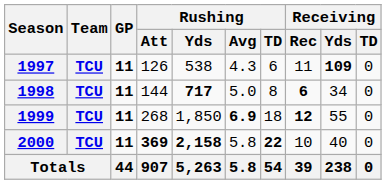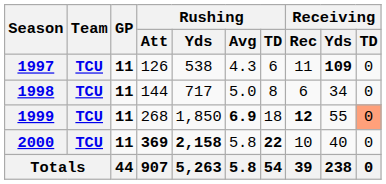 <table class="wikitable" style="text-align:center;">
 <tr>
 <th rowspan="2">Season</th>
 <th rowspan="2">Team</th>
 <th rowspan="2">GP</th>
 <th colspan="4">Rushing</th>
 <th colspan="3">Receiving</th>
 </tr>
 <tr>
 <th>Att</th>
 <th>Yds</th>
 <th>Avg</th>
 <th>TD</th>
 <th>Rec</th>
 <th>Yds</th>
 <th>TD</th>
 </tr>
 <tr>
 <th><a href='#'>1997</a></th>
 <th><a href='#'>TCU</a></th>
 <td><strong>11</strong></td>
 <td>126</td>
 <td>538</td>
 <td>4.3</td>
 <td>6</td>
 <td>11</td>
 <td><strong>109</strong></td>
 <td>0</td>
 </tr>
 <tr>
 <th><a href='#'>1998</a></th>
 <th><a href='#'>TCU</a></th>
 <td><strong>11</strong></td>
 <td>144</td>
-<td><strong>717</strong></td>
+<td>717</td>
 <td>5.0</td>
 <td>8</td>
-<td><strong>6</strong></td>
+<td>6</td>
 <td>34</td>
 <td>0</td>
 </tr>
 <tr>
 <th><a href='#'>1999</a></th>
 <th><a href='#'>TCU</a></th>
 <td><strong>11</strong></td>
 <td>268</td>
 <td>1,850</td>
 <td><strong>6.9</strong></td>
 <td>18</td>
 <td><strong>12</strong></td>
 <td>55</td>
-<td>0</td>
+<td style="background: lightsalmon;">0</td>
 </tr>
 <tr>
 <th><a href='#'>2000</a></th>
 <th><a href='#'>TCU</a></th>
 <td><strong>11</strong></td>
 <td><strong>369</strong></td>
 <td><strong>2,158</strong></td>
 <td>5.8</td>
 <td><strong>22</strong></td>
 <td>10</td>
 <td>40</td>
 <td>0</td>
 </tr>
 <tr>
 <th colspan="2">Totals</th>
 <th>44</th>
 <th>907</th>
 <th>5,263</th>
 <th>5.8</th>
 <th>54</th>
 <th>39</th>
 <th>238</th>
 <th>0</th>
 </tr>
 </table>
